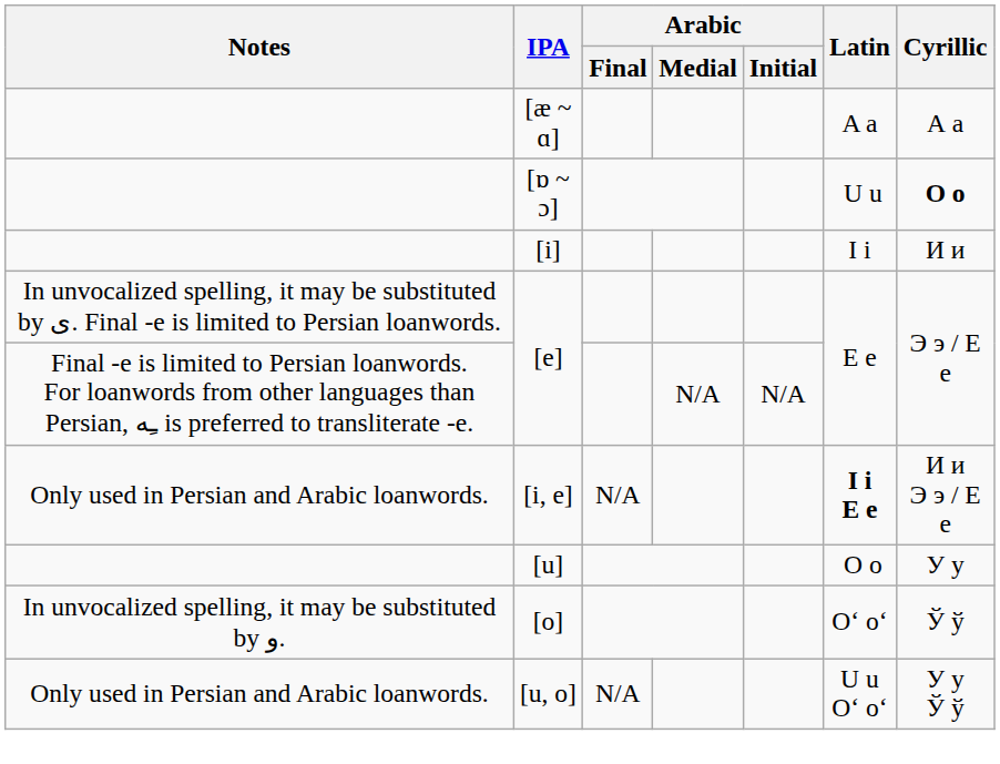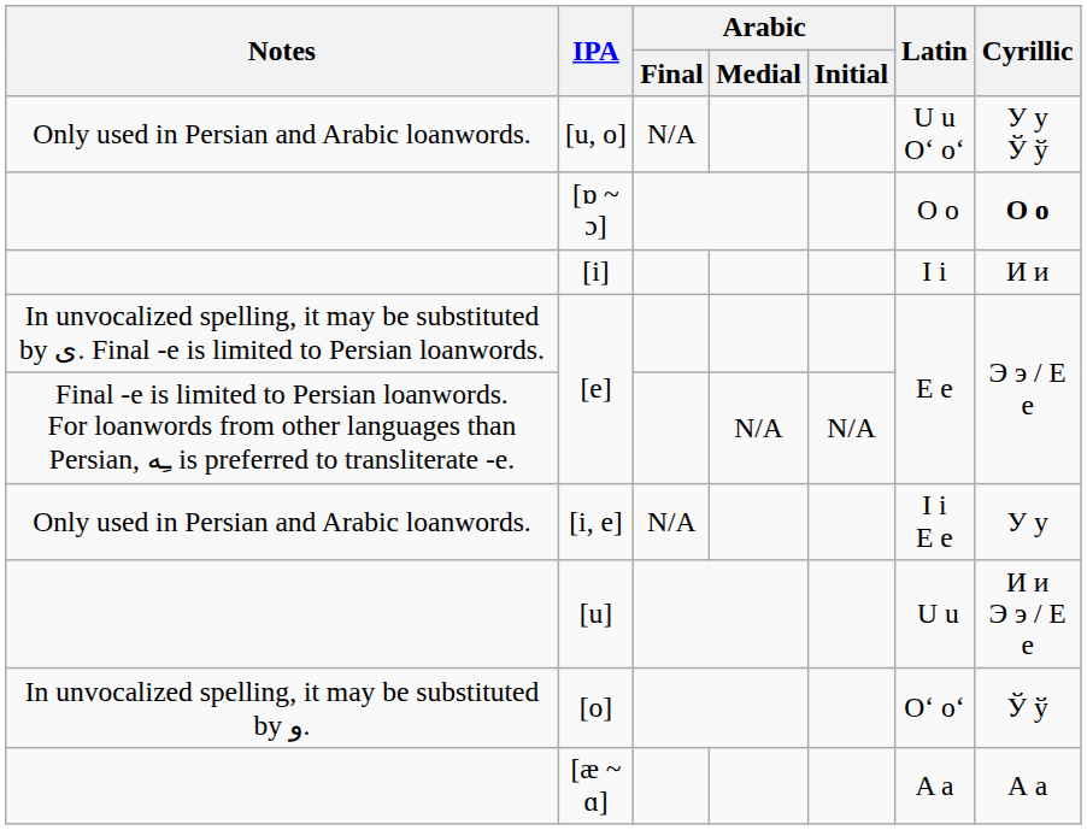 <table class="wikitable" style="text-align:center;">
 <tr align="center">
 <th rowspan="2">Notes</th>
 <th rowspan="2"><a href='#'>IPA</a></th>
 <th colspan="3">Arabic</th>
 <th rowspan="2">Latin</th>
 <th rowspan="2">Cyrillic</th>
 </tr>
 <tr>
 <th>Final</th>
 <th>Medial</th>
 <th>Initial</th>
 </tr>
 <tr>
-<td></td>
-<td>[æ ~ ɑ]</td>
+<td>Only used in Persian and Arabic loanwords.</td>
+<td>[u, o]</td>
+<td>N/A</td>
 <td><span></span></td>
 <td><span></span></td>
-<td><span></span></td>
-<td>A a</td>
-<td>А а</td>
+<td>U u<br>Oʻ oʻ</td>
+<td>У у<br>Ў ў</td>
 </tr>
 <tr>
 <td></td>
 <td>[ɒ ~ ɔ]</td>
 <td colspan=2><span></span></td>
 <td><span></span></td>
-<td>‌ U u</td>
+<td>‌ O o</td>
 <td><strong>О о</strong></td>
 </tr>
 <tr>
 <td></td>
 <td>[i]</td>
 <td><span></span></td>
 <td><span></span></td>
 <td><span></span></td>
 <td>I i</td>
 <td>И и</td>
 </tr>
 <tr>
 <td>In unvocalized spelling, it may be substituted by ی. Final -e is limited to Persian loanwords.</td>
 <td rowspan=2>[e]</td>
 <td><span></span></td>
 <td><span></span></td>
 <td><span></span></td>
 <td rowspan=2>E e</td>
 <td rowspan=2>Э э / Е е</td>
 </tr>
 <tr>
 <td>Final -e is limited to Persian loanwords.<br>For loanwords from other languages than Persian, ـِه is preferred to transliterate -e.</td>
 <td><span></span></td>
 <td>N/A</td>
 <td>N/A</td>
 </tr>
 <tr>
 <td>Only used in Persian and Arabic loanwords.</td>
 <td>[i, e]</td>
 <td>N/A</td>
 <td><span></span></td>
 <td><span></span></td>
-<td><strong>I i<br>E e</strong></td>
-<td>И и<br>Э э / Е е</td>
+<td>I i<br>E e</td>
+<td>У у</td>
 </tr>
 <tr>
 <td></td>
 <td>[u]</td>
 <td colspan=2><span></span></td>
 <td><span></span></td>
-<td>‌ O o</td>
-<td>У у</td>
+<td>‌ U u</td>
+<td>И и<br>Э э / Е е</td>
 </tr>
 <tr>
 <td>In unvocalized spelling, it may be substituted by و.</td>
 <td>[o]</td>
 <td colspan=2><span></span></td>
 <td><span></span></td>
 <td>Oʻ oʻ</td>
 <td>Ў ў</td>
 </tr>
 <tr>
-<td>Only used in Persian and Arabic loanwords.</td>
-<td>[u, o]</td>
-<td>N/A</td>
+<td></td>
+<td>[æ ~ ɑ]</td>
 <td><span></span></td>
 <td><span></span></td>
-<td>U u<br>Oʻ oʻ</td>
-<td>У у<br>Ў ў</td>
+<td><span></span></td>
+<td>A a</td>
+<td>А а</td>
 </tr>
 </table>
